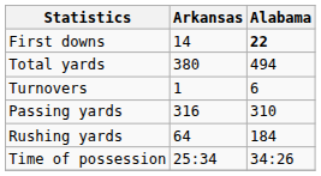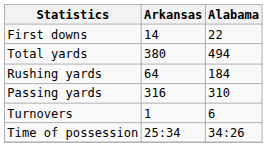 <table class="wikitable" style="float: left;">
 <tr>
 <th>Statistics</th>
 <th>Arkansas</th>
 <th>Alabama</th>
 </tr>
 <tr>
 <td>First downs</td>
 <td>14</td>
-<td><strong>22</strong></td>
+<td>22</td>
 </tr>
 <tr>
 <td>Total yards</td>
 <td>380</td>
 <td>494</td>
 </tr>
 <tr>
-<td>Turnovers</td>
-<td>1</td>
-<td>6</td>
+<td>Rushing yards</td>
+<td>64</td>
+<td>184</td>
 </tr>
 <tr>
 <td>Passing yards</td>
 <td>316</td>
 <td>310</td>
 </tr>
 <tr>
-<td>Rushing yards</td>
-<td>64</td>
-<td>184</td>
+<td>Turnovers</td>
+<td>1</td>
+<td>6</td>
 </tr>
 <tr>
 <td>Time of possession</td>
 <td>25:34</td>
 <td>34:26</td>
 </tr>
 <tr>
 </tr>
 </table>
